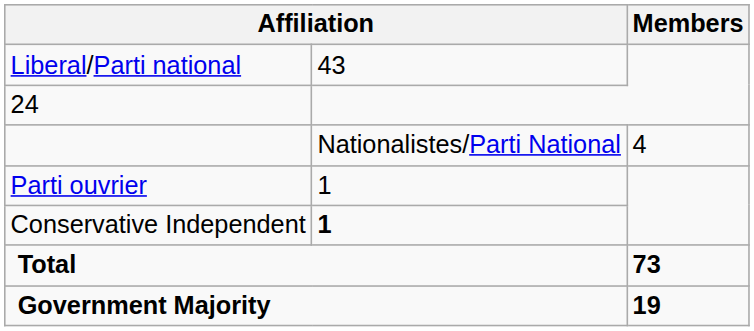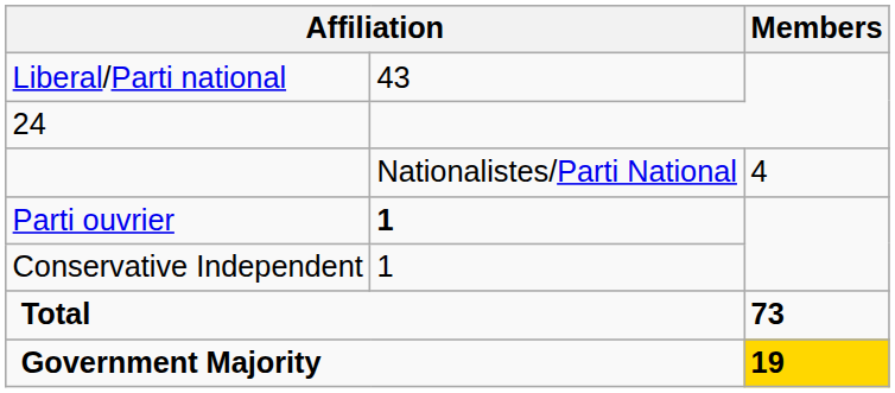 <table class="wikitable">
 <tr>
 <th colspan="2">Affiliation</th>
 <th>Members</th>
 </tr>
 <tr>
 <td align=left><a href='#'>Liberal</a>/<a href='#'>Parti national</a></td>
 <td>43</td>
 </tr>
 <tr>
 <td>24</td>
 </tr>
 <tr>
 <td></td>
 <td>Nationalistes/<a href='#'>Parti National</a></td>
 <td>4</td>
 </tr>
 <tr>
 <td align=left><a href='#'>Parti ouvrier</a></td>
-<td>1</td>
+<td><strong>1</strong></td>
 </tr>
 <tr>
 <td align=left>Conservative Independent</td>
-<td><strong>1</strong></td>
+<td>1</td>
 </tr>
 <tr>
 <td colspan="2" rowspan="1" align=left> <strong>Total</strong><br></td>
 <td><strong>73</strong></td>
 </tr>
 <tr>
 <td colspan="2" rowspan="1" align=left> <strong>Government Majority</strong><br></td>
-<td><strong>19</strong></td>
+<td style="background: gold;"><strong>19</strong></td>
 </tr>
 </table>
